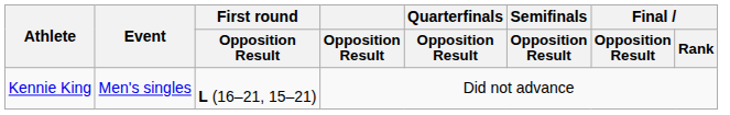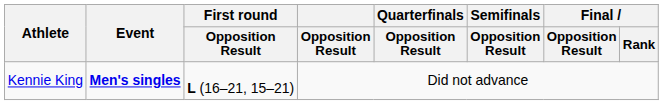 <table class=wikitable style=font-size:90%>
 <tr>
 <th rowspan=2>Athlete</th>
 <th rowspan=2>Event</th>
 <th>First round</th>
 <th></th>
 <th>Quarterfinals</th>
 <th>Semifinals</th>
 <th colspan=2>Final / </th>
 </tr>
 <tr style=font-size:95%>
 <th>Opposition<br>Result</th>
 <th>Opposition<br>Result</th>
 <th>Opposition<br>Result</th>
 <th>Opposition<br>Result</th>
 <th>Opposition<br>Result</th>
 <th>Rank</th>
 </tr>
 <tr>
 <td align=left><a href='#'>Kennie King</a></td>
-<td align=left><a href='#'>Men's singles</a></td>
+<td align=left><strong><a href='#'>Men's singles</a></strong></td>
 <td align="center"><br><strong>L</strong> (16–21, 15–21)</td>
 <td colspan="5" align="center">Did not advance</td>
 </tr>
 </table>
